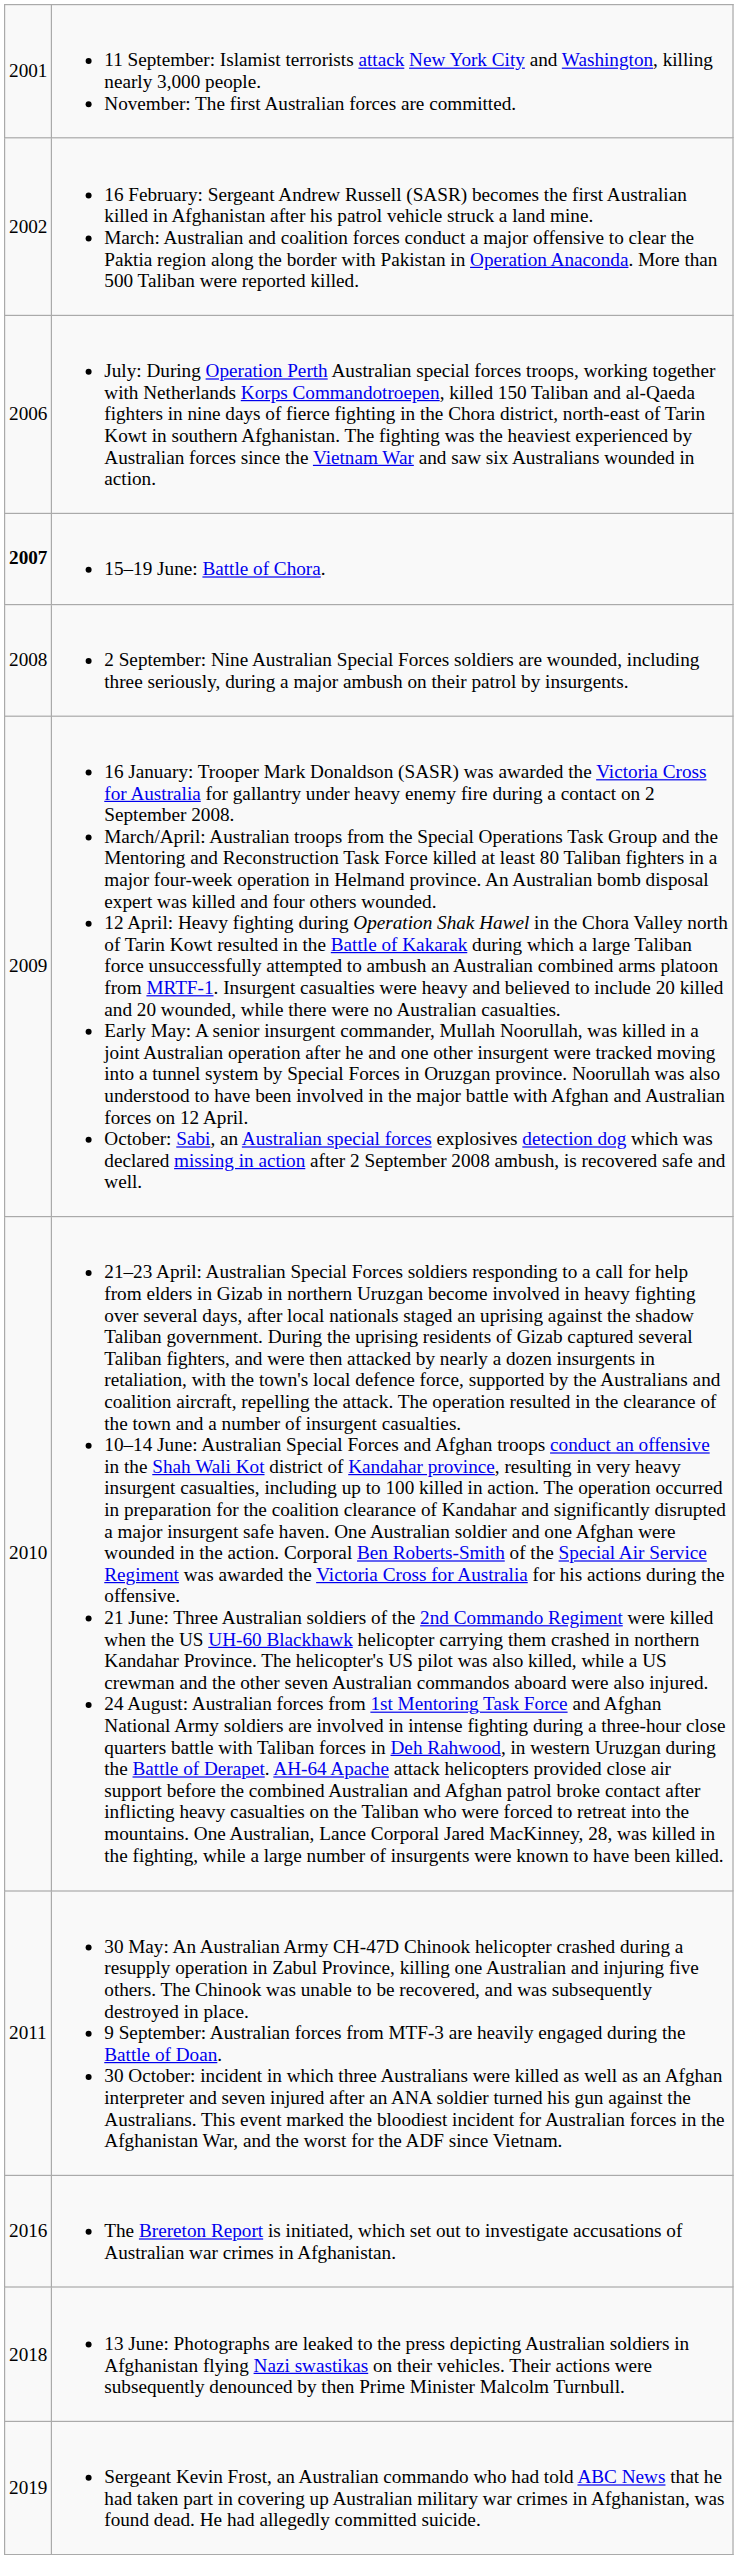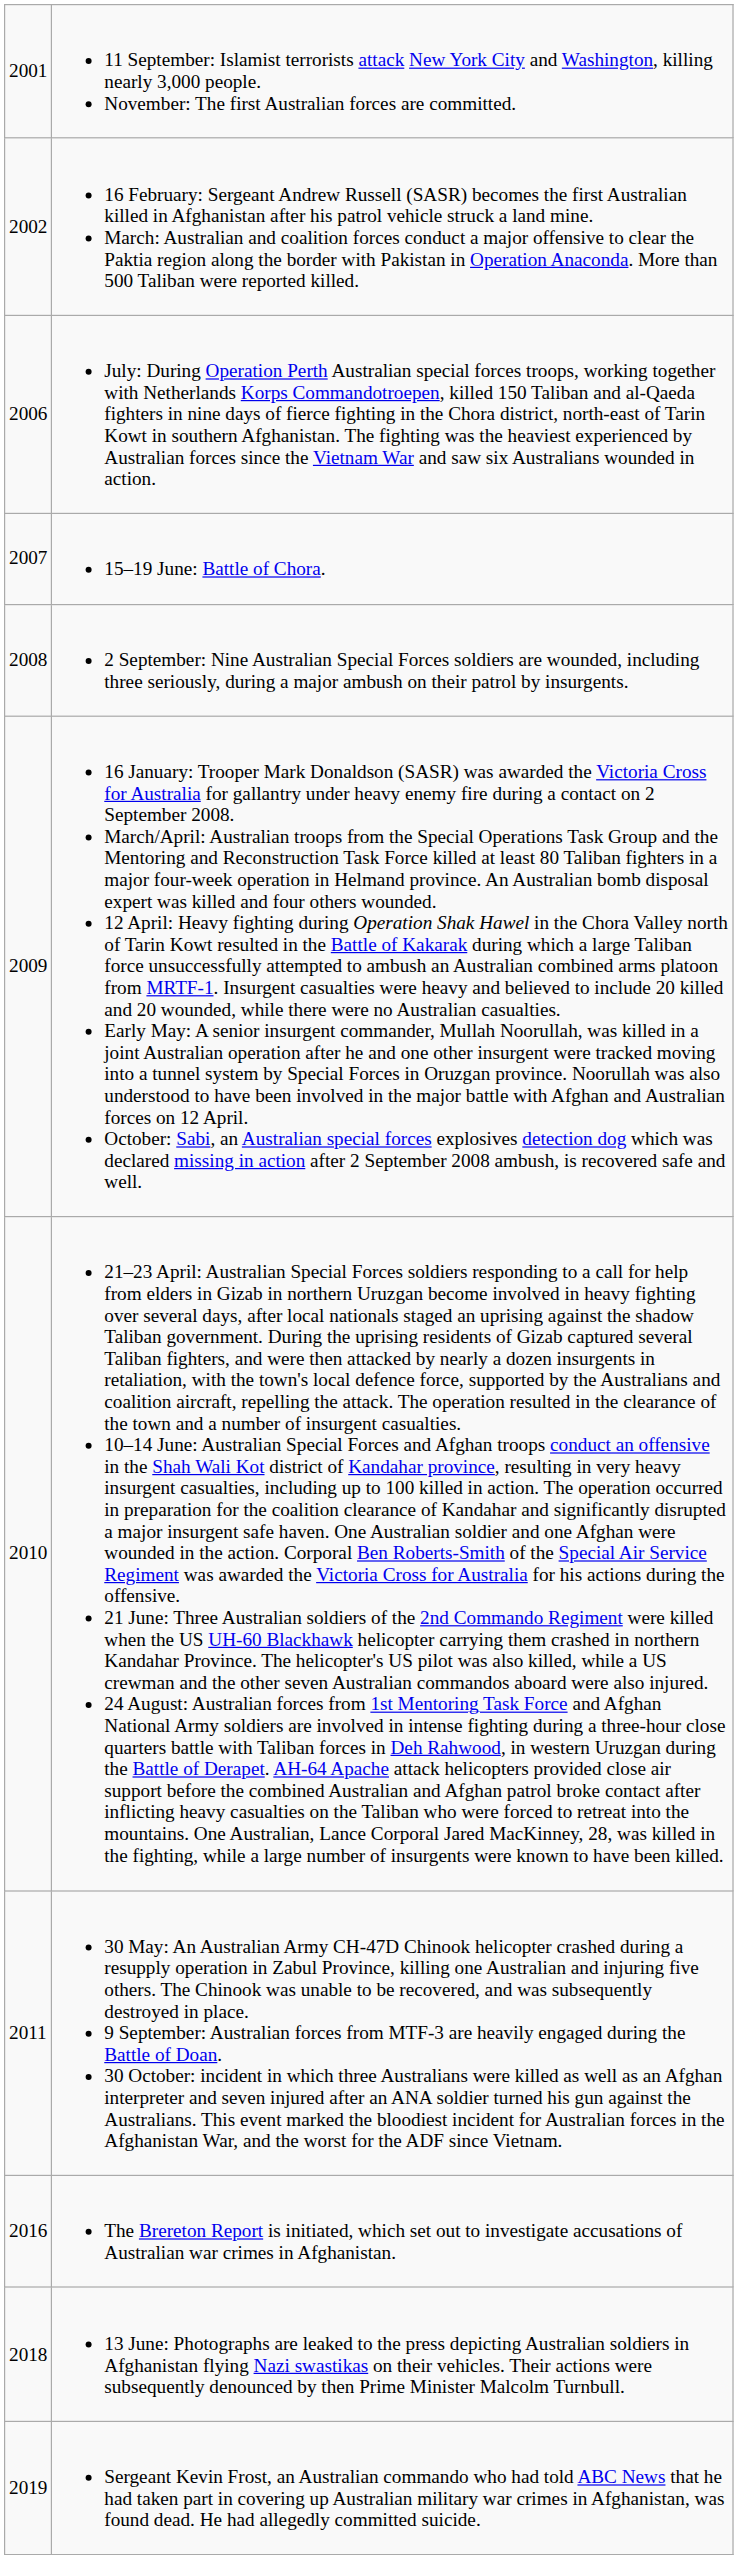 <table class="wikitable">
 <tr>
 <td>2001</td>
 <td><br><ul><li>11 September: Islamist terrorists <a href='#'>attack</a> <a href='#'>New York City</a> and <a href='#'>Washington</a>, killing nearly 3,000 people.</li><li>November: The first Australian forces are committed.</li></ul></td>
 </tr>
 <tr>
 <td>2002</td>
 <td><br><ul><li>16 February: Sergeant Andrew Russell (SASR) becomes the first Australian killed in Afghanistan after his patrol vehicle struck a land mine.</li><li>March: Australian and coalition forces conduct a major offensive to clear the Paktia region along the border with Pakistan in <a href='#'>Operation Anaconda</a>. More than 500 Taliban were reported killed.</li></ul></td>
 </tr>
 <tr>
 <td>2006</td>
 <td><br><ul><li>July: During <a href='#'>Operation Perth</a> Australian special forces troops, working together with Netherlands <a href='#'>Korps Commandotroepen</a>, killed 150 Taliban and al-Qaeda fighters in nine days of fierce fighting in the Chora district,  north-east of Tarin Kowt in southern Afghanistan. The fighting was the heaviest experienced by Australian forces since the <a href='#'>Vietnam War</a> and saw six Australians wounded in action.</li></ul></td>
 </tr>
 <tr>
-<td><strong>2007</strong></td>
+<td>2007</td>
 <td><br><ul><li>15–19 June: <a href='#'>Battle of Chora</a>.</li></ul></td>
 </tr>
 <tr>
 <td>2008</td>
 <td><br><ul><li>2 September: Nine Australian Special Forces soldiers are wounded, including three seriously, during a major ambush on their patrol by insurgents.</li></ul></td>
 </tr>
 <tr>
 <td>2009</td>
 <td><br><ul><li>16 January: Trooper Mark Donaldson (SASR) was awarded the <a href='#'>Victoria Cross for Australia</a> for gallantry under heavy enemy fire during a contact on 2 September 2008.</li><li>March/April: Australian troops from the Special Operations Task Group and the Mentoring and Reconstruction Task Force killed at least 80 Taliban fighters in a major four-week operation in Helmand province. An Australian bomb disposal expert was killed and four others wounded.</li><li>12 April: Heavy fighting during <em>Operation Shak Hawel</em> in the Chora Valley north of Tarin Kowt resulted in the <a href='#'>Battle of Kakarak</a> during which a large Taliban force unsuccessfully attempted to ambush an Australian combined arms platoon from <a href='#'>MRTF-1</a>. Insurgent casualties were heavy and believed to include 20 killed and 20 wounded, while there were no Australian casualties.</li><li>Early May: A senior insurgent commander, Mullah Noorullah, was killed in a joint Australian operation after he and one other insurgent were tracked moving into a tunnel system by Special Forces in Oruzgan province. Noorullah was also understood to have been involved in the major battle with Afghan and Australian forces on 12 April.</li><li>October: <a href='#'>Sabi</a>, an <a href='#'>Australian special forces</a> explosives <a href='#'>detection dog</a> which was declared <a href='#'>missing in action</a> after 2 September 2008 ambush, is recovered safe and well.</li></ul></td>
 </tr>
 <tr>
 <td>2010</td>
 <td><br><ul><li>21–23 April: Australian Special Forces soldiers responding to a call for help from elders in Gizab in northern Uruzgan become involved in heavy fighting over several days, after local nationals staged an uprising against the shadow Taliban government. During the uprising residents of Gizab captured several Taliban fighters, and were then attacked by nearly a dozen insurgents in retaliation, with the town's local defence force, supported by the Australians and coalition aircraft, repelling the attack. The operation resulted in the clearance of the town and a number of insurgent casualties.</li><li>10–14 June: Australian Special Forces and Afghan troops <a href='#'>conduct an offensive</a> in the <a href='#'>Shah Wali Kot</a> district of <a href='#'>Kandahar province</a>, resulting in very heavy insurgent casualties, including up to 100 killed in action. The operation occurred in preparation for the coalition clearance of Kandahar and significantly disrupted a major insurgent safe haven. One Australian soldier and one Afghan were wounded in the action. Corporal <a href='#'>Ben Roberts-Smith</a> of the <a href='#'>Special Air Service Regiment</a> was awarded the <a href='#'>Victoria Cross for Australia</a> for his actions during the offensive.</li><li>21 June: Three Australian soldiers of the <a href='#'>2nd Commando Regiment</a> were killed when the US <a href='#'>UH-60 Blackhawk</a> helicopter carrying them crashed in northern Kandahar Province. The helicopter's US pilot was also killed, while a US crewman and the other seven Australian commandos aboard were also injured.</li><li>24 August: Australian forces from <a href='#'>1st Mentoring Task Force</a> and Afghan National Army soldiers are involved in intense fighting during a three-hour close quarters battle with Taliban forces in <a href='#'>Deh Rahwood</a>, in western Uruzgan during the <a href='#'>Battle of Derapet</a>. <a href='#'>AH-64 Apache</a> attack helicopters provided close air support before the combined Australian and Afghan patrol broke contact after inflicting heavy casualties on the Taliban who were forced to retreat into the mountains. One Australian, Lance Corporal Jared MacKinney, 28, was killed in the fighting, while a large number of insurgents were known to have been killed.</li></ul></td>
 </tr>
 <tr>
 <td>2011</td>
 <td><br><ul><li>30 May: An Australian Army CH-47D Chinook helicopter crashed during a resupply operation in Zabul Province, killing one Australian and injuring five others. The Chinook was unable to be recovered, and was subsequently destroyed in place.</li><li>9 September: Australian forces from MTF-3 are heavily engaged during the <a href='#'>Battle of Doan</a>.</li><li>30 October: incident in which three Australians were killed as well as an Afghan interpreter and seven injured after an ANA soldier turned his gun against the Australians. This event marked the bloodiest incident for Australian forces in the Afghanistan War, and the worst for the ADF since Vietnam.</li></ul></td>
 </tr>
 <tr>
 <td>2016</td>
 <td><br><ul><li>The <a href='#'>Brereton Report</a> is initiated, which set out to investigate accusations of Australian war crimes in Afghanistan.</li></ul></td>
 </tr>
 <tr>
 <td>2018</td>
 <td><br><ul><li>13 June: Photographs are leaked to the press depicting Australian soldiers in Afghanistan flying <a href='#'>Nazi swastikas</a> on their vehicles. Their actions were subsequently denounced by then Prime Minister Malcolm Turnbull.</li></ul></td>
 </tr>
 <tr>
 <td>2019</td>
 <td><br><ul><li>Sergeant Kevin Frost, an Australian commando who had told <a href='#'>ABC News</a> that he had taken part in covering up Australian military war crimes in Afghanistan, was found dead. He had allegedly committed suicide.</li></ul></td>
 </tr>
 </table>
